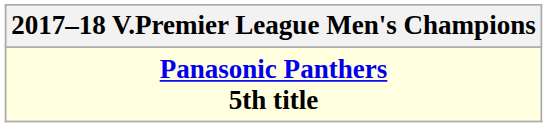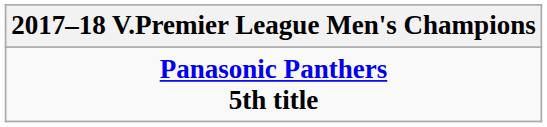 <table class=wikitable style="text-align:center; margin:auto">
 <tr>
 <th>2017–18 V.Premier League Men's Champions</th>
 </tr>
 <tr>
-<td style="background: lightyellow;"><strong><a href='#'>Panasonic Panthers</a></strong><br><strong>5th title</strong></td>
+<td><strong><a href='#'>Panasonic Panthers</a></strong><br><strong>5th title</strong></td>
 </tr>
 </table>
